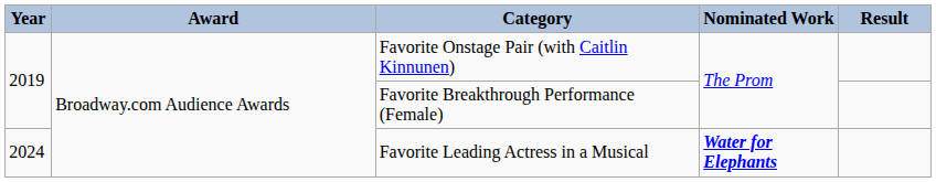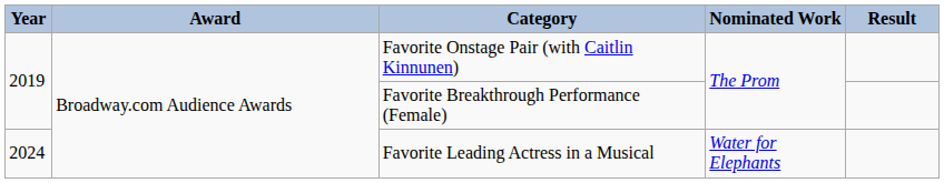 <table class="wikitable" width="95%'">
 <tr>
 <th style="background:#B0C4DE; width:5%">Year</th>
 <th style="background:#B0C4DE; width:35%">Award</th>
 <th style="background:#B0C4DE; width:35%">Category</th>
 <th style="background:#B0C4DE; width:15%">Nominated Work</th>
 <th style="background:#B0C4DE; width:10%">Result</th>
 </tr>
 <tr>
 <td rowspan="2">2019</td>
 <td rowspan="4">Broadway.com Audience Awards</td>
 <td>Favorite Onstage Pair (with <a href='#'>Caitlin Kinnunen</a>)</td>
 <td rowspan="2"><em><a href='#'>The Prom</a></em></td>
 <td></td>
 </tr>
 <tr>
 <td>Favorite Breakthrough Performance (Female)</td>
 <td></td>
 </tr>
 <tr>
 <td rowspan="2">2024</td>
 <td>Favorite Leading Actress in a Musical</td>
-<td><strong><em><a href='#'>Water for Elephants</a></em></strong></td>
+<td><em><a href='#'>Water for Elephants</a></em></td>
 <td></td>
 </tr>
 </table>
